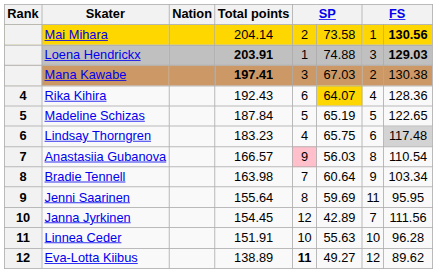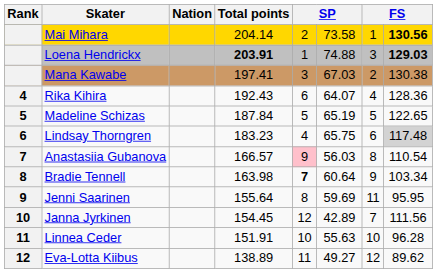 <table class="wikitable sortable" style="text-align:left">
 <tr>
 <th scope="col">Rank</th>
 <th scope="col">Skater</th>
 <th scope="col">Nation</th>
 <th scope="col">Total points</th>
 <th scope="col" colspan="2" width="80px"><a href='#'>SP</a></th>
 <th scope="col" colspan="2" width="80px"><a href='#'>FS</a></th>
 </tr>
 <tr bgcolor="gold">
 <th scope="row"></th>
 <td><a href='#'>Mai Mihara</a></td>
 <td></td>
 <td align="center">204.14</td>
 <td align="center">2</td>
 <td align="center">73.58</td>
 <td align="center">1</td>
 <td align="center"><strong>130.56</strong></td>
 </tr>
 <tr bgcolor="silver">
 <th scope="row"></th>
 <td><a href='#'>Loena Hendrickx</a></td>
 <td></td>
 <td align="center"><strong>203.91</strong></td>
 <td align="center">1</td>
 <td align="center">74.88</td>
 <td align="center">3</td>
 <td align="center"><strong>129.03</strong></td>
 </tr>
 <tr bgcolor="cc9966">
 <th scope="row"></th>
 <td><a href='#'>Mana Kawabe</a></td>
 <td></td>
-<td align="center"><strong>197.41</strong></td>
+<td align="center">197.41</td>
 <td align="center">3</td>
 <td align="center">67.03</td>
 <td align="center">2</td>
 <td align="center">130.38</td>
 </tr>
 <tr>
 <th scope="row">4</th>
 <td><a href='#'>Rika Kihira</a></td>
 <td></td>
 <td align="center">192.43</td>
 <td align="center">6</td>
-<td align="center" style="background: gold;">64.07</td>
+<td align="center">64.07</td>
 <td align="center">4</td>
 <td align="center">128.36</td>
 </tr>
 <tr>
 <th scope="row">5</th>
 <td><a href='#'>Madeline Schizas</a></td>
 <td></td>
 <td align="center">187.84</td>
 <td align="center">5</td>
 <td align="center">65.19</td>
 <td align="center">5</td>
 <td align="center">122.65</td>
 </tr>
 <tr>
 <th scope="row">6</th>
 <td><a href='#'>Lindsay Thorngren</a></td>
 <td></td>
 <td align="center">183.23</td>
 <td align="center">4</td>
 <td align="center">65.75</td>
 <td align="center">6</td>
 <td align="center" style="background: lightgrey;">117.48</td>
 </tr>
 <tr>
 <th scope="row">7</th>
 <td><a href='#'>Anastasiia Gubanova</a></td>
 <td></td>
 <td align="center">166.57</td>
 <td align="center" style="background: pink;">9</td>
 <td align="center">56.03</td>
 <td align="center">8</td>
 <td align="center">110.54</td>
 </tr>
 <tr>
 <th scope="row">8</th>
 <td><a href='#'>Bradie Tennell</a></td>
 <td></td>
 <td align="center">163.98</td>
-<td align="center">7</td>
+<td align="center"><strong>7</strong></td>
 <td align="center">60.64</td>
 <td align="center">9</td>
 <td align="center">103.34</td>
 </tr>
 <tr>
 <th scope="row">9</th>
 <td><a href='#'>Jenni Saarinen</a></td>
 <td></td>
 <td align="center">155.64</td>
 <td align="center">8</td>
 <td align="center">59.69</td>
 <td align="center">11</td>
 <td align="center">95.95</td>
 </tr>
 <tr>
 <th scope="row">10</th>
 <td><a href='#'>Janna Jyrkinen</a></td>
 <td></td>
 <td align="center">154.45</td>
 <td align="center">12</td>
 <td align="center">42.89</td>
 <td align="center">7</td>
 <td align="center">111.56</td>
 </tr>
 <tr>
 <th scope="row">11</th>
 <td><a href='#'>Linnea Ceder</a></td>
 <td></td>
 <td align="center">151.91</td>
 <td align="center">10</td>
 <td align="center">55.63</td>
 <td align="center">10</td>
 <td align="center">96.28</td>
 </tr>
 <tr>
 <th scope="row">12</th>
 <td><a href='#'>Eva-Lotta Kiibus</a></td>
 <td></td>
 <td align="center">138.89</td>
-<td align="center"><strong>11</strong></td>
+<td align="center">11</td>
 <td align="center">49.27</td>
 <td align="center">12</td>
 <td align="center">89.62</td>
 </tr>
 </table>
